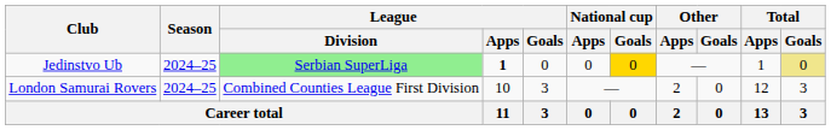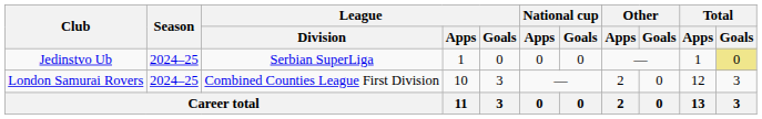 <table class="wikitable" style="text-align: center;">
 <tr>
 <th rowspan="2">Club</th>
 <th rowspan="2">Season</th>
 <th colspan="3">League</th>
 <th colspan="2">National cup</th>
 <th colspan="2">Other</th>
 <th colspan="2">Total</th>
 </tr>
 <tr>
 <th>Division</th>
 <th>Apps</th>
 <th>Goals</th>
 <th>Apps</th>
 <th>Goals</th>
 <th>Apps</th>
 <th>Goals</th>
 <th>Apps</th>
 <th>Goals</th>
 </tr>
 <tr>
 <td><a href='#'>Jedinstvo Ub</a></td>
 <td><a href='#'>2024–25</a></td>
-<td style="background: lightgreen;"><a href='#'>Serbian SuperLiga</a></td>
-<td><strong>1</strong></td>
+<td><a href='#'>Serbian SuperLiga</a></td>
+<td>1</td>
 <td>0</td>
 <td>0</td>
-<td style="background: gold;">0</td>
+<td>0</td>
 <td colspan="2">―</td>
 <td>1</td>
 <td style="background: khaki;">0</td>
 </tr>
 <tr>
 <td><a href='#'>London Samurai Rovers</a></td>
 <td><a href='#'>2024–25</a></td>
 <td><a href='#'>Combined Counties League</a> First Division</td>
 <td>10</td>
 <td>3</td>
 <td colspan="2">―</td>
 <td>2</td>
 <td>0</td>
 <td>12</td>
 <td>3</td>
 </tr>
 <tr>
 <th colspan="3">Career total</th>
 <th>11</th>
 <th>3</th>
 <th>0</th>
 <th>0</th>
 <th>2</th>
 <th>0</th>
 <th>13</th>
 <th>3</th>
 </tr>
 </table>
